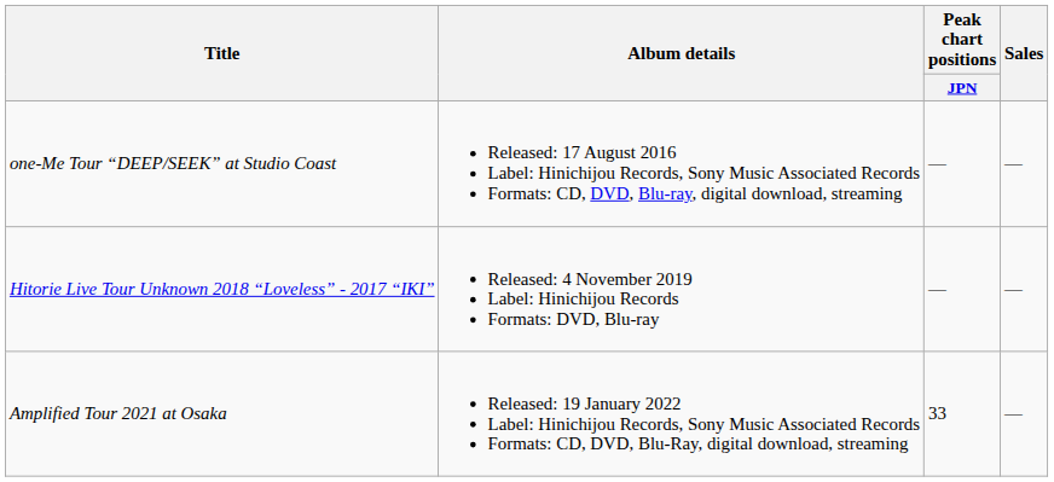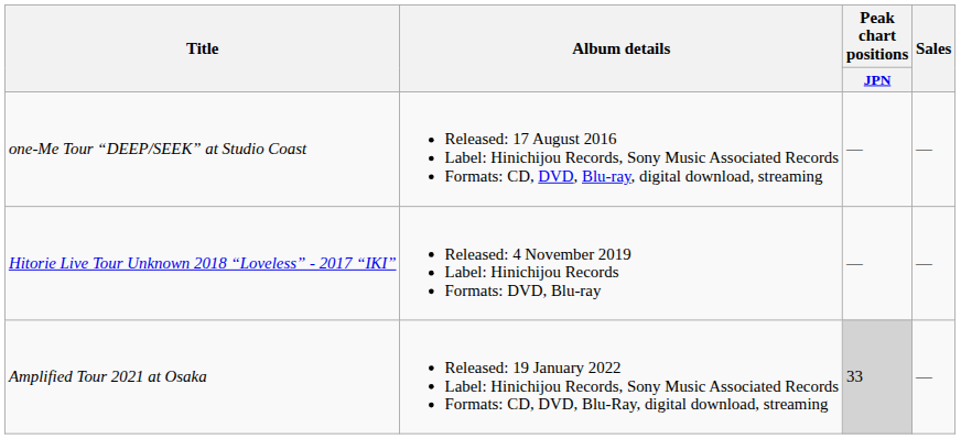 <table class="wikitable plainrowheaders">
 <tr>
 <th rowspan="2" scope="col">Title</th>
 <th rowspan="2" scope="col">Album details</th>
 <th scope="col">Peak chart positions</th>
 <th rowspan="2">Sales</th>
 </tr>
 <tr>
 <th scope="col" style="width:2.5em;font-size:90%;"><a href='#'>JPN</a><br></th>
 </tr>
 <tr>
 <td><em>one-Me Tour</em> <em>“DEEP/SEEK” at Studio Coast</em></td>
 <td><br><ul><li>Released: 17 August 2016</li><li>Label: Hinichijou Records, Sony Music Associated Records</li><li>Formats: CD, <a href='#'>DVD</a>, <a href='#'>Blu-ray</a>, digital download, streaming</li></ul></td>
 <td>—</td>
 <td>—</td>
 </tr>
 <tr>
 <td><em><a href='#'>Hitorie Live Tour Unknown 2018 “Loveless” - 2017 “IKI”</a></em></td>
 <td><br><ul><li>Released: 4 November 2019</li><li>Label: Hinichijou Records</li><li>Formats: DVD, Blu-ray</li></ul></td>
 <td>—</td>
 <td>—</td>
 </tr>
 <tr>
 <td><em>Amplified Tour 2021 at Osaka</em></td>
 <td><br><ul><li>Released: 19 January 2022</li><li>Label: Hinichijou Records, Sony Music Associated Records</li><li>Formats: CD, DVD, Blu-Ray, digital download, streaming</li></ul></td>
-<td>33</td>
+<td style="background: lightgrey;">33</td>
 <td>—</td>
 </tr>
 </table>
